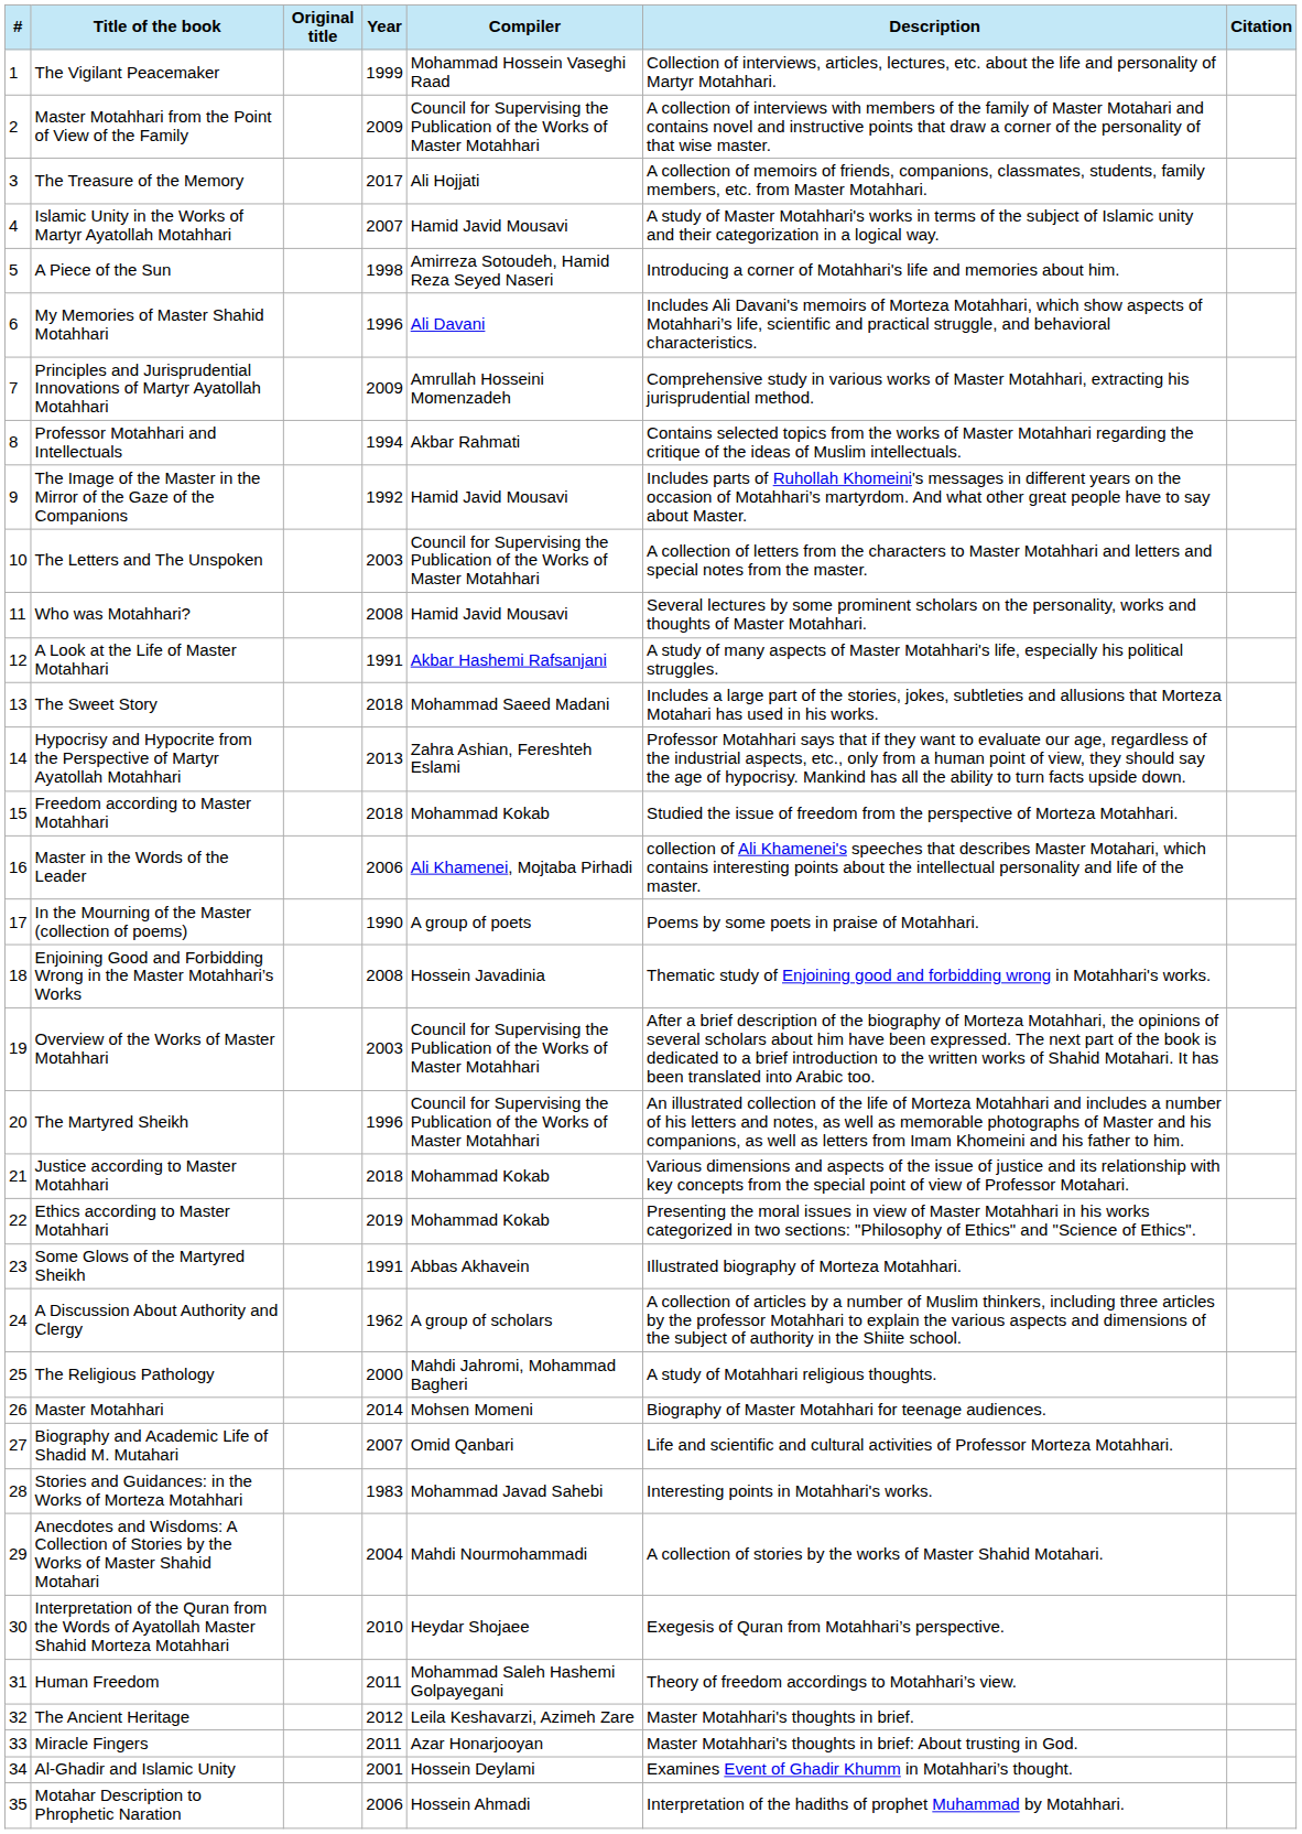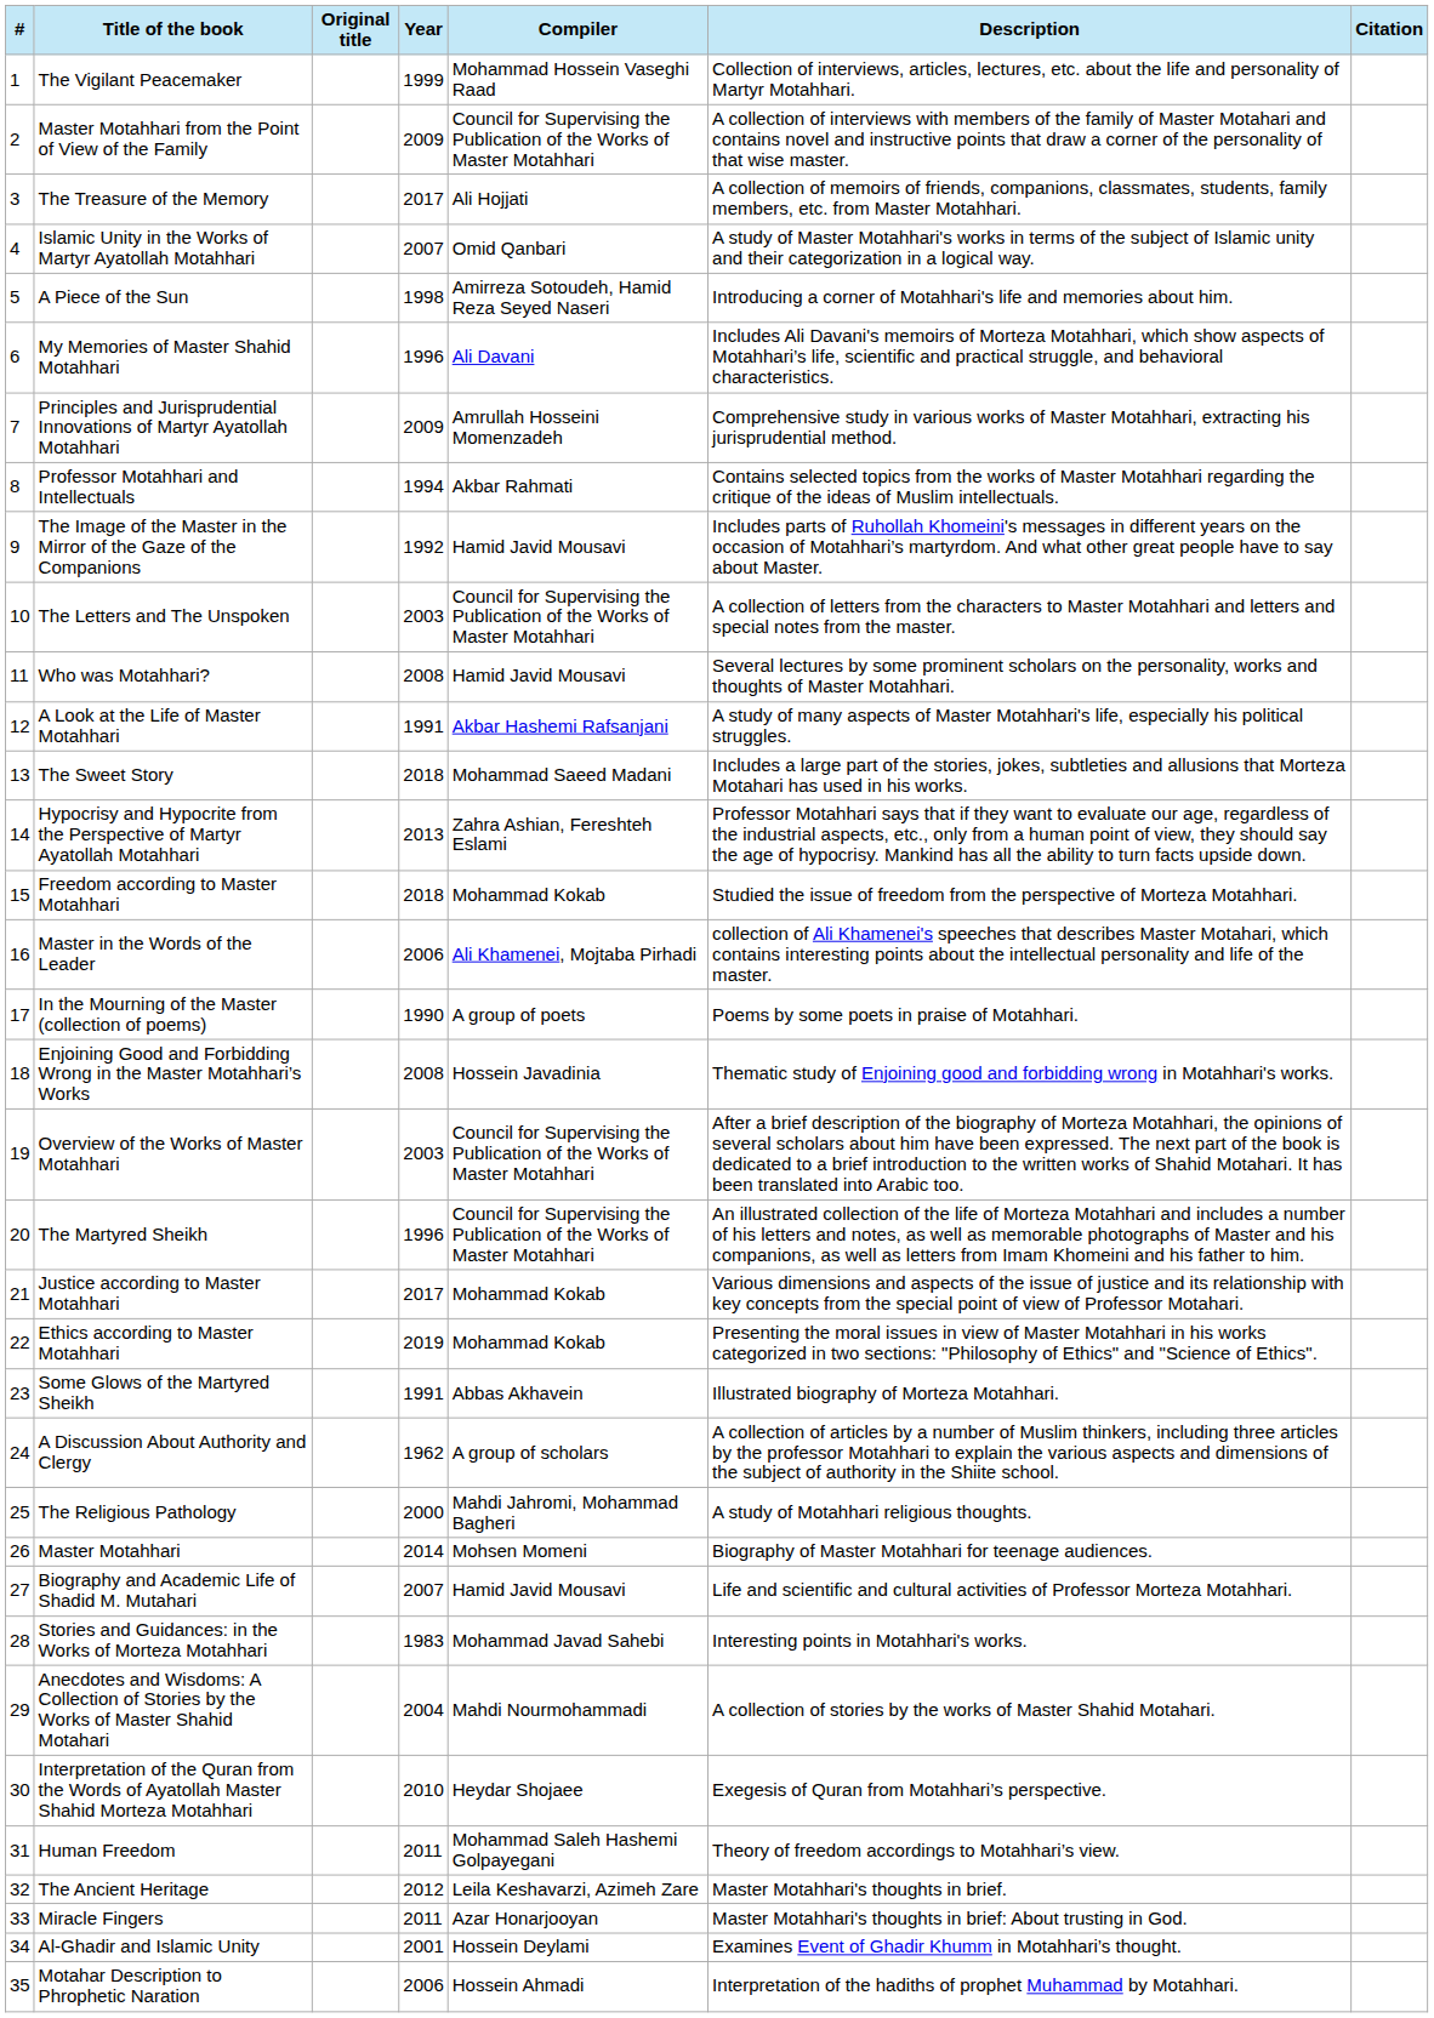 <table class="wikitable" style="background-color:#ffffff; color:#000000">
 <tr>
 <th style="background-color:#c3e8f7;">#</th>
 <th style="background-color:#c3e8f7;">Title of the book</th>
 <th style="background-color:#c3e8f7;">Original title</th>
 <th style="background-color:#c3e8f7;">Year</th>
 <th style="background-color:#c3e8f7;">Compiler</th>
 <th style="background-color:#c3e8f7;">Description</th>
 <th style="background-color:#c3e8f7;">Citation</th>
 </tr>
 <tr>
 <td>1</td>
 <td>The Vigilant Peacemaker</td>
 <td></td>
 <td>1999</td>
 <td>Mohammad Hossein Vaseghi Raad</td>
 <td>Collection of interviews, articles, lectures, etc. about the life and personality of Martyr Motahhari.</td>
 <td></td>
 </tr>
 <tr>
 <td>2</td>
 <td>Master Motahhari from the Point of View of the Family</td>
 <td></td>
 <td>2009</td>
 <td>Council for Supervising the Publication of the Works of Master Motahhari</td>
 <td>A collection of interviews with members of the family of Master Motahari and contains novel and instructive points that draw a corner of the personality of that wise master.</td>
 <td></td>
 </tr>
 <tr>
 <td>3</td>
 <td>The Treasure of the Memory</td>
 <td></td>
 <td>2017</td>
 <td>Ali Hojjati</td>
 <td>A collection of memoirs of friends, companions, classmates, students, family members, etc. from Master Motahhari.</td>
 <td></td>
 </tr>
 <tr>
 <td>4</td>
 <td>Islamic Unity in the Works of Martyr Ayatollah Motahhari</td>
 <td></td>
 <td>2007</td>
-<td>Hamid Javid Mousavi</td>
+<td>Omid Qanbari</td>
 <td>A study of Master Motahhari's works in terms of the subject of Islamic unity and their categorization in a logical way.</td>
 <td></td>
 </tr>
 <tr>
 <td>5</td>
 <td>A Piece of the Sun</td>
 <td></td>
 <td>1998</td>
 <td>Amirreza Sotoudeh, Hamid Reza Seyed Naseri</td>
 <td>Introducing a corner of Motahhari's life and memories about him.</td>
 <td></td>
 </tr>
 <tr>
 <td>6</td>
 <td>My Memories of Master Shahid Motahhari</td>
 <td></td>
 <td>1996</td>
 <td><a href='#'>Ali Davani</a></td>
 <td>Includes Ali Davani's memoirs of Morteza Motahhari, which show aspects of Motahhari’s life, scientific and practical struggle, and behavioral characteristics.</td>
 <td></td>
 </tr>
 <tr>
 <td>7</td>
 <td>Principles and Jurisprudential Innovations of Martyr Ayatollah Motahhari</td>
 <td></td>
 <td>2009</td>
 <td>Amrullah Hosseini Momenzadeh</td>
 <td>Comprehensive study in various works of Master Motahhari, extracting his jurisprudential method.</td>
 <td></td>
 </tr>
 <tr>
 <td>8</td>
 <td>Professor Motahhari and Intellectuals</td>
 <td></td>
 <td>1994</td>
 <td>Akbar Rahmati</td>
 <td>Contains selected topics from the works of Master Motahhari regarding the critique of the ideas of Muslim intellectuals.</td>
 <td></td>
 </tr>
 <tr>
 <td>9</td>
 <td>The Image of the Master in the Mirror of the Gaze of the Companions</td>
 <td></td>
 <td>1992</td>
 <td>Hamid Javid Mousavi</td>
 <td>Includes parts of <a href='#'>Ruhollah Khomeini</a>'s messages in different years on the occasion of Motahhari’s martyrdom. And what other great people have to say about Master.</td>
 <td></td>
 </tr>
 <tr>
 <td>10</td>
 <td>The Letters and The Unspoken</td>
 <td></td>
 <td>2003</td>
 <td>Council for Supervising the Publication of the Works of Master Motahhari</td>
 <td>A collection of letters from the characters to Master Motahhari and letters and special notes from the master.</td>
 <td></td>
 </tr>
 <tr>
 <td>11</td>
 <td>Who was Motahhari?</td>
 <td></td>
 <td>2008</td>
 <td>Hamid Javid Mousavi</td>
 <td>Several lectures by some prominent scholars on the personality, works and thoughts of Master Motahhari.</td>
 <td></td>
 </tr>
 <tr>
 <td>12</td>
 <td>A Look at the Life of Master Motahhari</td>
 <td></td>
 <td>1991</td>
 <td><a href='#'>Akbar Hashemi Rafsanjani</a></td>
 <td>A study of many aspects of Master Motahhari's life, especially his political struggles.</td>
 <td></td>
 </tr>
 <tr>
 <td>13</td>
 <td>The Sweet Story</td>
 <td></td>
 <td>2018</td>
 <td>Mohammad Saeed Madani</td>
 <td>Includes a large part of the stories, jokes, subtleties and allusions that Morteza Motahari has used in his works.</td>
 <td></td>
 </tr>
 <tr>
 <td>14</td>
 <td>Hypocrisy and Hypocrite from the Perspective of Martyr Ayatollah Motahhari</td>
 <td></td>
 <td>2013</td>
 <td>Zahra Ashian, Fereshteh Eslami</td>
 <td>Professor Motahhari says that if they want to evaluate our age, regardless of the industrial aspects, etc., only from a human point of view, they should say the age of hypocrisy. Mankind has all the ability to turn facts upside down.</td>
 <td></td>
 </tr>
 <tr>
 <td>15</td>
 <td>Freedom according to Master Motahhari</td>
 <td></td>
 <td>2018</td>
 <td>Mohammad Kokab</td>
 <td>Studied the issue of freedom from the perspective of Morteza Motahhari.</td>
 <td></td>
 </tr>
 <tr>
 <td>16</td>
 <td>Master in the Words of the Leader</td>
 <td></td>
 <td>2006</td>
 <td><a href='#'>Ali Khamenei</a>, Mojtaba Pirhadi</td>
 <td>collection of <a href='#'>Ali Khamenei's</a> speeches that describes Master Motahari, which contains interesting points about the intellectual personality and life of the master.</td>
 <td></td>
 </tr>
 <tr>
 <td>17</td>
 <td>In the Mourning of the Master (collection of poems)</td>
 <td></td>
 <td>1990</td>
 <td>A group of poets</td>
 <td>Poems by some poets in praise of Motahhari.</td>
 <td></td>
 </tr>
 <tr>
 <td>18</td>
 <td>Enjoining Good and Forbidding Wrong in the Master Motahhari’s Works</td>
 <td></td>
 <td>2008</td>
 <td>Hossein Javadinia</td>
 <td>Thematic study of <a href='#'>Enjoining good and forbidding wrong</a> in Motahhari's works.</td>
 <td></td>
 </tr>
 <tr>
 <td>19</td>
 <td>Overview of the Works of Master Motahhari</td>
 <td></td>
 <td>2003</td>
 <td>Council for Supervising the Publication of the Works of Master Motahhari</td>
 <td>After a brief description of the biography of Morteza Motahhari, the opinions of several scholars about him have been expressed. The next part of the book is dedicated to a brief introduction to the written works of Shahid Motahari. It has been translated into Arabic too.</td>
 <td></td>
 </tr>
 <tr>
 <td>20</td>
 <td>The Martyred Sheikh</td>
 <td></td>
 <td>1996</td>
 <td>Council for Supervising the Publication of the Works of Master Motahhari</td>
 <td>An illustrated collection of the life of Morteza Motahhari and includes a number of his letters and notes, as well as memorable photographs of Master and his companions, as well as letters from Imam Khomeini and his father to him.</td>
 <td></td>
 </tr>
 <tr>
 <td>21</td>
 <td>Justice according to Master Motahhari</td>
 <td></td>
-<td>2018</td>
+<td>2017</td>
 <td>Mohammad Kokab</td>
 <td>Various dimensions and aspects of the issue of justice and its relationship with key concepts from the special point of view of Professor Motahari.</td>
 <td></td>
 </tr>
 <tr>
 <td>22</td>
 <td>Ethics according to Master Motahhari</td>
 <td></td>
 <td>2019</td>
 <td>Mohammad Kokab</td>
 <td>Presenting the moral issues in view of Master Motahhari in his works categorized in two sections: "Philosophy of Ethics" and "Science of Ethics".</td>
 <td></td>
 </tr>
 <tr>
 <td>23</td>
 <td>Some Glows of the Martyred Sheikh</td>
 <td></td>
 <td>1991</td>
 <td>Abbas Akhavein</td>
 <td>Illustrated biography of Morteza Motahhari.</td>
 <td></td>
 </tr>
 <tr>
 <td>24</td>
 <td>A Discussion About Authority and Clergy</td>
 <td></td>
 <td>1962</td>
 <td>A group of scholars</td>
 <td>A collection of articles by a number of Muslim thinkers, including three articles by the professor Motahhari to explain the various aspects and dimensions of the subject of authority in the Shiite school.</td>
 <td></td>
 </tr>
 <tr>
 <td>25</td>
 <td>The Religious Pathology</td>
 <td></td>
 <td>2000</td>
 <td>Mahdi Jahromi, Mohammad Bagheri</td>
 <td>A study of Motahhari religious thoughts.</td>
 <td></td>
 </tr>
 <tr>
 <td>26</td>
 <td>Master Motahhari</td>
 <td></td>
 <td>2014</td>
 <td>Mohsen Momeni</td>
 <td>Biography of Master Motahhari for teenage audiences.</td>
 <td></td>
 </tr>
 <tr>
 <td>27</td>
 <td>Biography and Academic Life of Shadid M. Mutahari</td>
 <td></td>
 <td>2007</td>
-<td>Omid Qanbari</td>
+<td>Hamid Javid Mousavi</td>
 <td>Life and scientific and cultural activities of Professor Morteza Motahhari.</td>
 <td></td>
 </tr>
 <tr>
 <td>28</td>
 <td>Stories and Guidances: in the Works of Morteza Motahhari</td>
 <td></td>
 <td>1983</td>
 <td>Mohammad Javad Sahebi</td>
 <td>Interesting points in Motahhari's works.</td>
 <td></td>
 </tr>
 <tr>
 <td>29</td>
 <td>Anecdotes and Wisdoms: A Collection of Stories by the Works of Master Shahid Motahari</td>
 <td></td>
 <td>2004</td>
 <td>Mahdi Nourmohammadi</td>
 <td>A collection of stories by the works of Master Shahid Motahari.</td>
 <td></td>
 </tr>
 <tr>
 <td>30</td>
 <td>Interpretation of the Quran from the Words of Ayatollah Master Shahid Morteza Motahhari</td>
 <td></td>
 <td>2010</td>
 <td>Heydar Shojaee</td>
 <td>Exegesis of Quran from Motahhari’s perspective.</td>
 <td></td>
 </tr>
 <tr>
 <td>31</td>
 <td>Human Freedom</td>
 <td></td>
 <td>2011</td>
 <td>Mohammad Saleh Hashemi Golpayegani</td>
 <td>Theory of freedom accordings to Motahhari’s view.</td>
 <td></td>
 </tr>
 <tr>
 <td>32</td>
 <td>The Ancient Heritage</td>
 <td></td>
 <td>2012</td>
 <td>Leila Keshavarzi, Azimeh Zare</td>
 <td>Master Motahhari's thoughts in brief.</td>
 <td></td>
 </tr>
 <tr>
 <td>33</td>
 <td>Miracle Fingers</td>
 <td></td>
 <td>2011</td>
 <td>Azar Honarjooyan</td>
 <td>Master Motahhari's thoughts in brief: About trusting in God.</td>
 <td></td>
 </tr>
 <tr>
 <td>34</td>
 <td>Al-Ghadir and Islamic Unity</td>
 <td></td>
 <td>2001</td>
 <td>Hossein Deylami</td>
 <td>Examines <a href='#'>Event of Ghadir Khumm</a> in Motahhari’s thought.</td>
 <td></td>
 </tr>
 <tr>
 <td>35</td>
 <td>Motahar Description to Phrophetic Naration</td>
 <td></td>
 <td>2006</td>
 <td>Hossein Ahmadi</td>
 <td>Interpretation of the hadiths of prophet <a href='#'>Muhammad</a> by Motahhari.</td>
 <td></td>
 </tr>
 </table>
